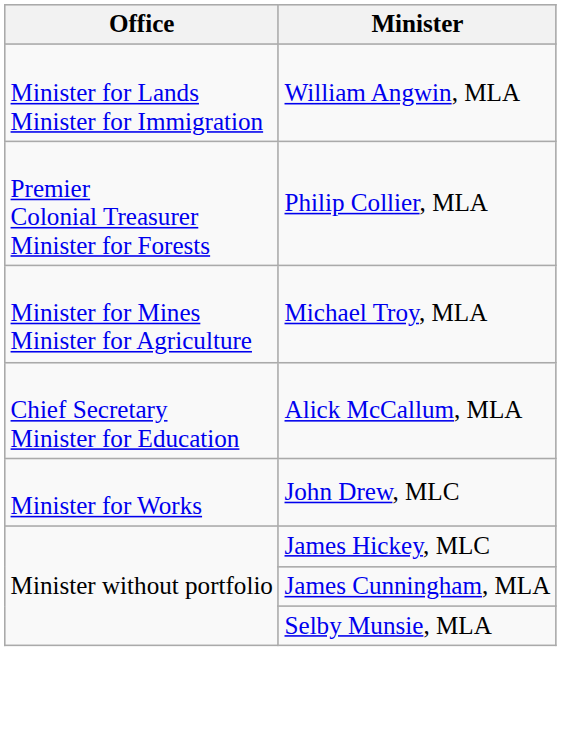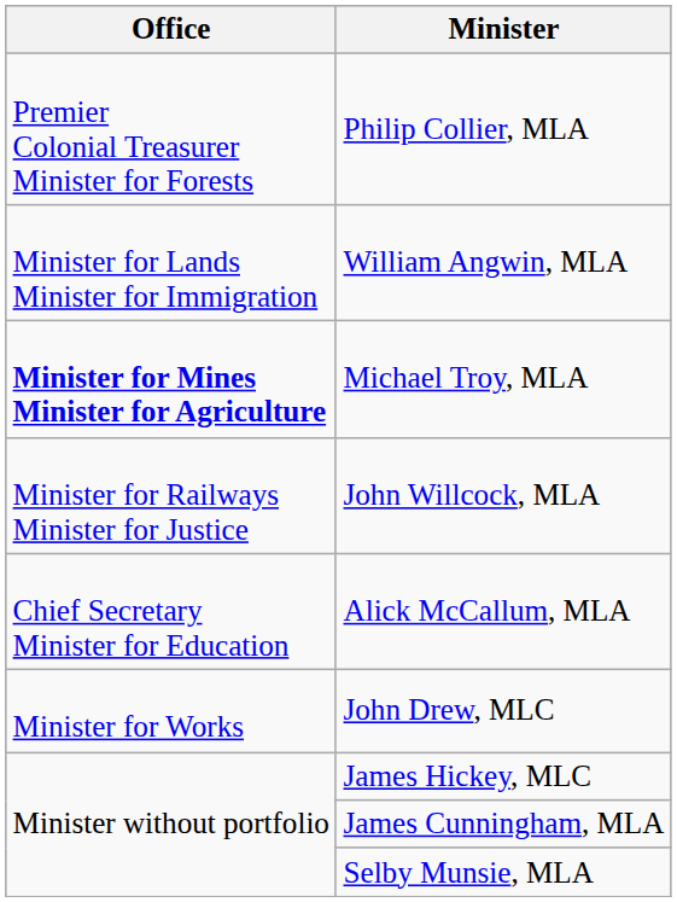 <table class="wikitable">
 <tr>
 <th>Office</th>
 <th>Minister</th>
 </tr>
 <tr>
+<td><br><a href='#'>Premier</a><br> <a href='#'>Colonial Treasurer</a><br> <a href='#'>Minister for Forests</a><br></td>
+<td><a href='#'>Philip Collier</a>, MLA</td>
+</tr>
+<tr>
 <td><br><a href='#'>Minister for Lands</a><br> <a href='#'>Minister for Immigration</a><br></td>
 <td><a href='#'>William Angwin</a>, MLA</td>
 </tr>
 <tr>
-<td><br><a href='#'>Premier</a><br> <a href='#'>Colonial Treasurer</a><br> <a href='#'>Minister for Forests</a><br></td>
-<td><a href='#'>Philip Collier</a>, MLA</td>
+<td><strong><br><a href='#'>Minister for Mines</a><br> <a href='#'>Minister for Agriculture</a><br></strong></td>
+<td><a href='#'>Michael Troy</a>, MLA</td>
 </tr>
 <tr>
-<td><br><a href='#'>Minister for Mines</a><br> <a href='#'>Minister for Agriculture</a><br></td>
-<td><a href='#'>Michael Troy</a>, MLA</td>
+<td><br><a href='#'>Minister for Railways</a><br> <a href='#'>Minister for Justice</a><br></td>
+<td><a href='#'>John Willcock</a>, MLA</td>
 </tr>
 <tr>
 <td><br><a href='#'>Chief Secretary</a><br> <a href='#'>Minister for Education</a><br></td>
 <td><a href='#'>Alick McCallum</a>, MLA</td>
 </tr>
 <tr>
 <td><br><a href='#'>Minister for Works</a><br></td>
 <td><a href='#'>John Drew</a>, MLC</td>
 </tr>
 <tr>
 <td rowspan=3>Minister without portfolio</td>
 <td><a href='#'>James Hickey</a>, MLC</td>
 </tr>
 <tr>
 <td><a href='#'>James Cunningham</a>, MLA</td>
 </tr>
 <tr>
 <td><a href='#'>Selby Munsie</a>, MLA</td>
 </tr>
 </table>
